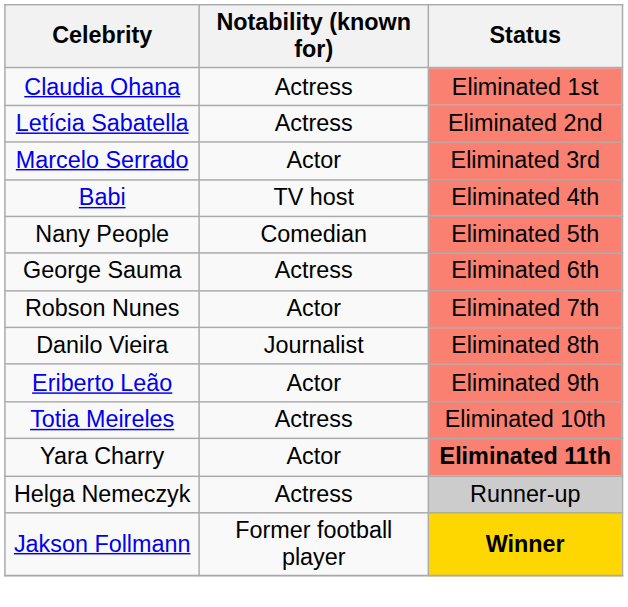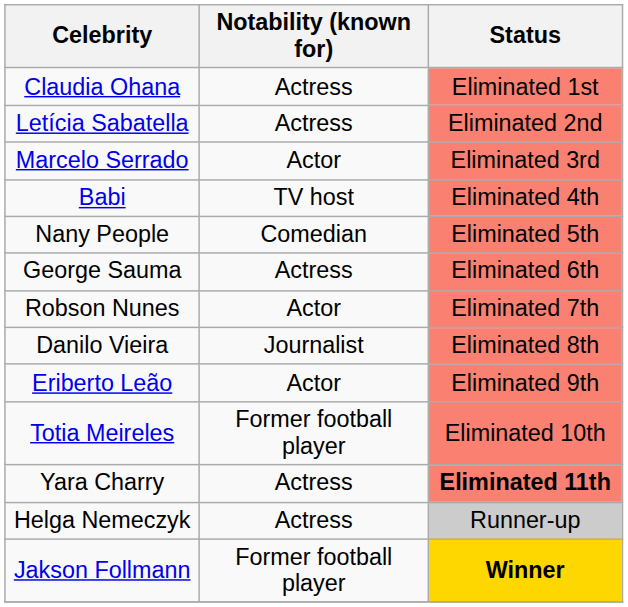 <table class= "wikitable sortable" style="text-align: center; margin:auto; align: center">
 <tr>
 <th width=125>Celebrity</th>
 <th width=150>Notability (known for)</th>
 <th width=125>Status</th>
 </tr>
 <tr>
 <td><a href='#'>Claudia Ohana</a></td>
 <td>Actress</td>
 <td bgcolor=FA8072>Eliminated 1st<br></td>
 </tr>
 <tr>
 <td><a href='#'>Letícia Sabatella</a></td>
 <td>Actress</td>
 <td bgcolor=FA8072>Eliminated 2nd<br></td>
 </tr>
 <tr>
 <td><a href='#'>Marcelo Serrado</a></td>
 <td>Actor</td>
 <td bgcolor=FA8072>Eliminated 3rd<br></td>
 </tr>
 <tr>
 <td><a href='#'>Babi</a></td>
 <td>TV host</td>
 <td bgcolor=FA8072>Eliminated 4th<br></td>
 </tr>
 <tr>
 <td>Nany People</td>
 <td>Comedian</td>
 <td bgcolor=FA8072>Eliminated 5th<br></td>
 </tr>
 <tr>
 <td>George Sauma</td>
 <td>Actress</td>
 <td bgcolor=FA8072>Eliminated 6th<br></td>
 </tr>
 <tr>
 <td>Robson Nunes</td>
 <td>Actor</td>
 <td bgcolor=FA8072>Eliminated 7th<br></td>
 </tr>
 <tr>
 <td>Danilo Vieira</td>
 <td>Journalist</td>
 <td bgcolor=FA8072>Eliminated 8th<br></td>
 </tr>
 <tr>
 <td><a href='#'>Eriberto Leão</a></td>
 <td>Actor</td>
 <td bgcolor=FA8072>Eliminated 9th<br></td>
 </tr>
 <tr>
 <td><a href='#'>Totia Meireles</a></td>
-<td>Actress</td>
+<td>Former football player</td>
 <td bgcolor=FA8072>Eliminated 10th<br></td>
 </tr>
 <tr>
 <td>Yara Charry</td>
-<td>Actor</td>
+<td>Actress</td>
 <td bgcolor=FA8072><strong>Eliminated 11th<br></strong></td>
 </tr>
 <tr>
 <td>Helga Nemeczyk</td>
 <td>Actress</td>
 <td bgcolor=CCCCCC>Runner-up<br></td>
 </tr>
 <tr>
 <td><a href='#'>Jakson Follmann</a></td>
 <td>Former football player</td>
 <td bgcolor=FFD700><strong>Winner</strong><br></td>
 </tr>
 <tr>
 </tr>
 </table>
